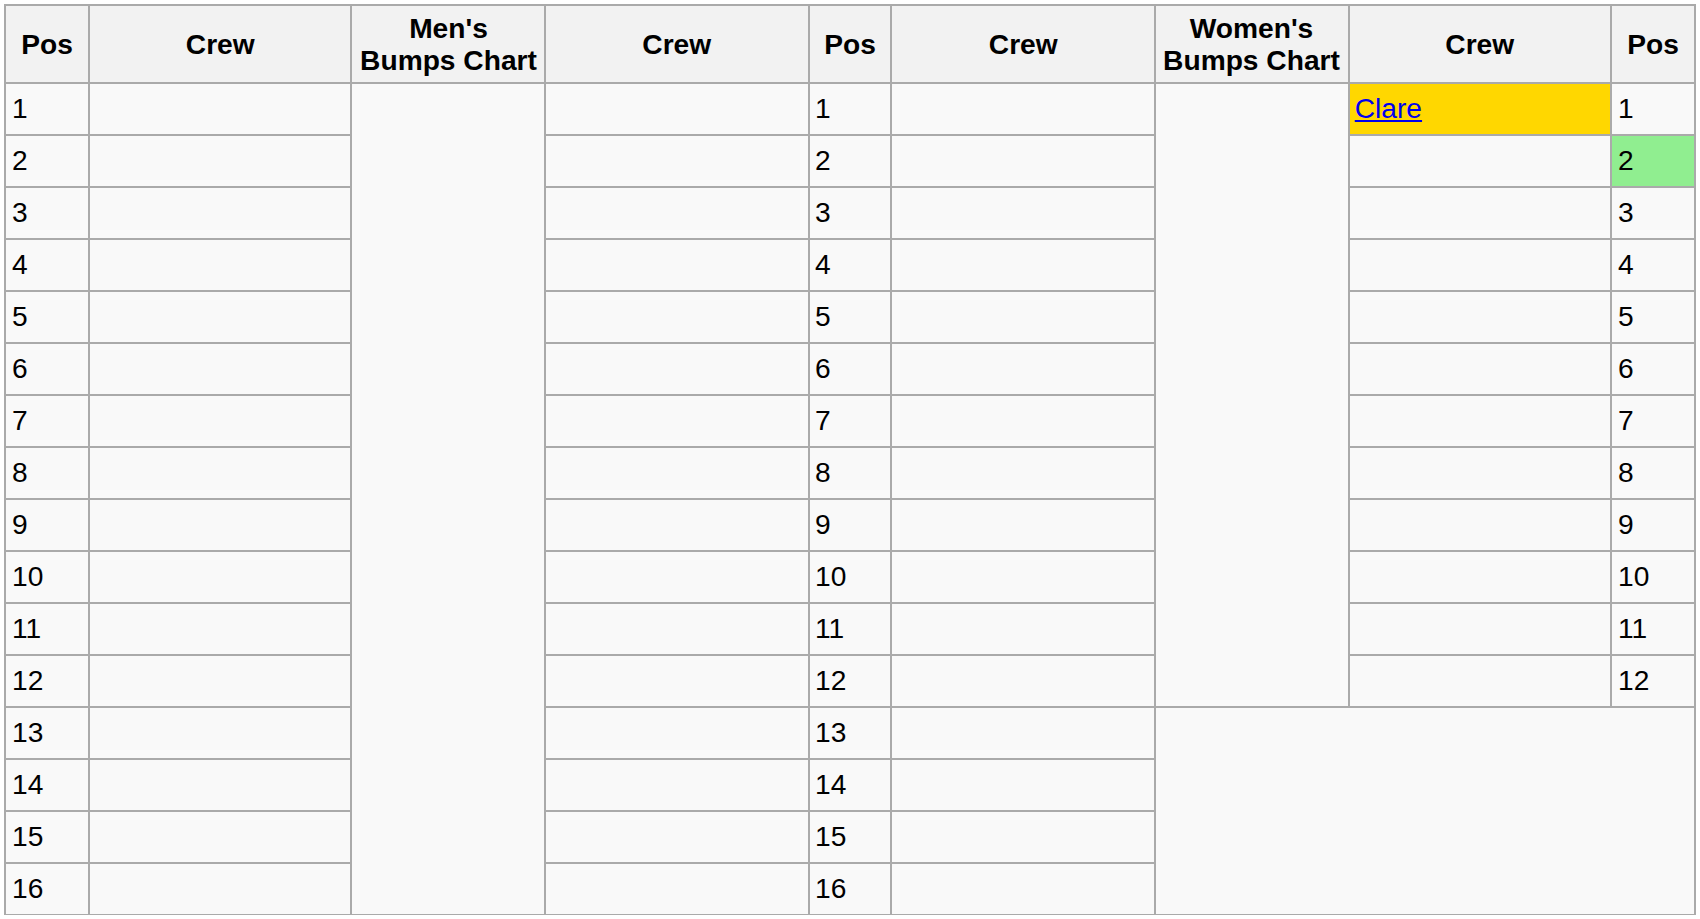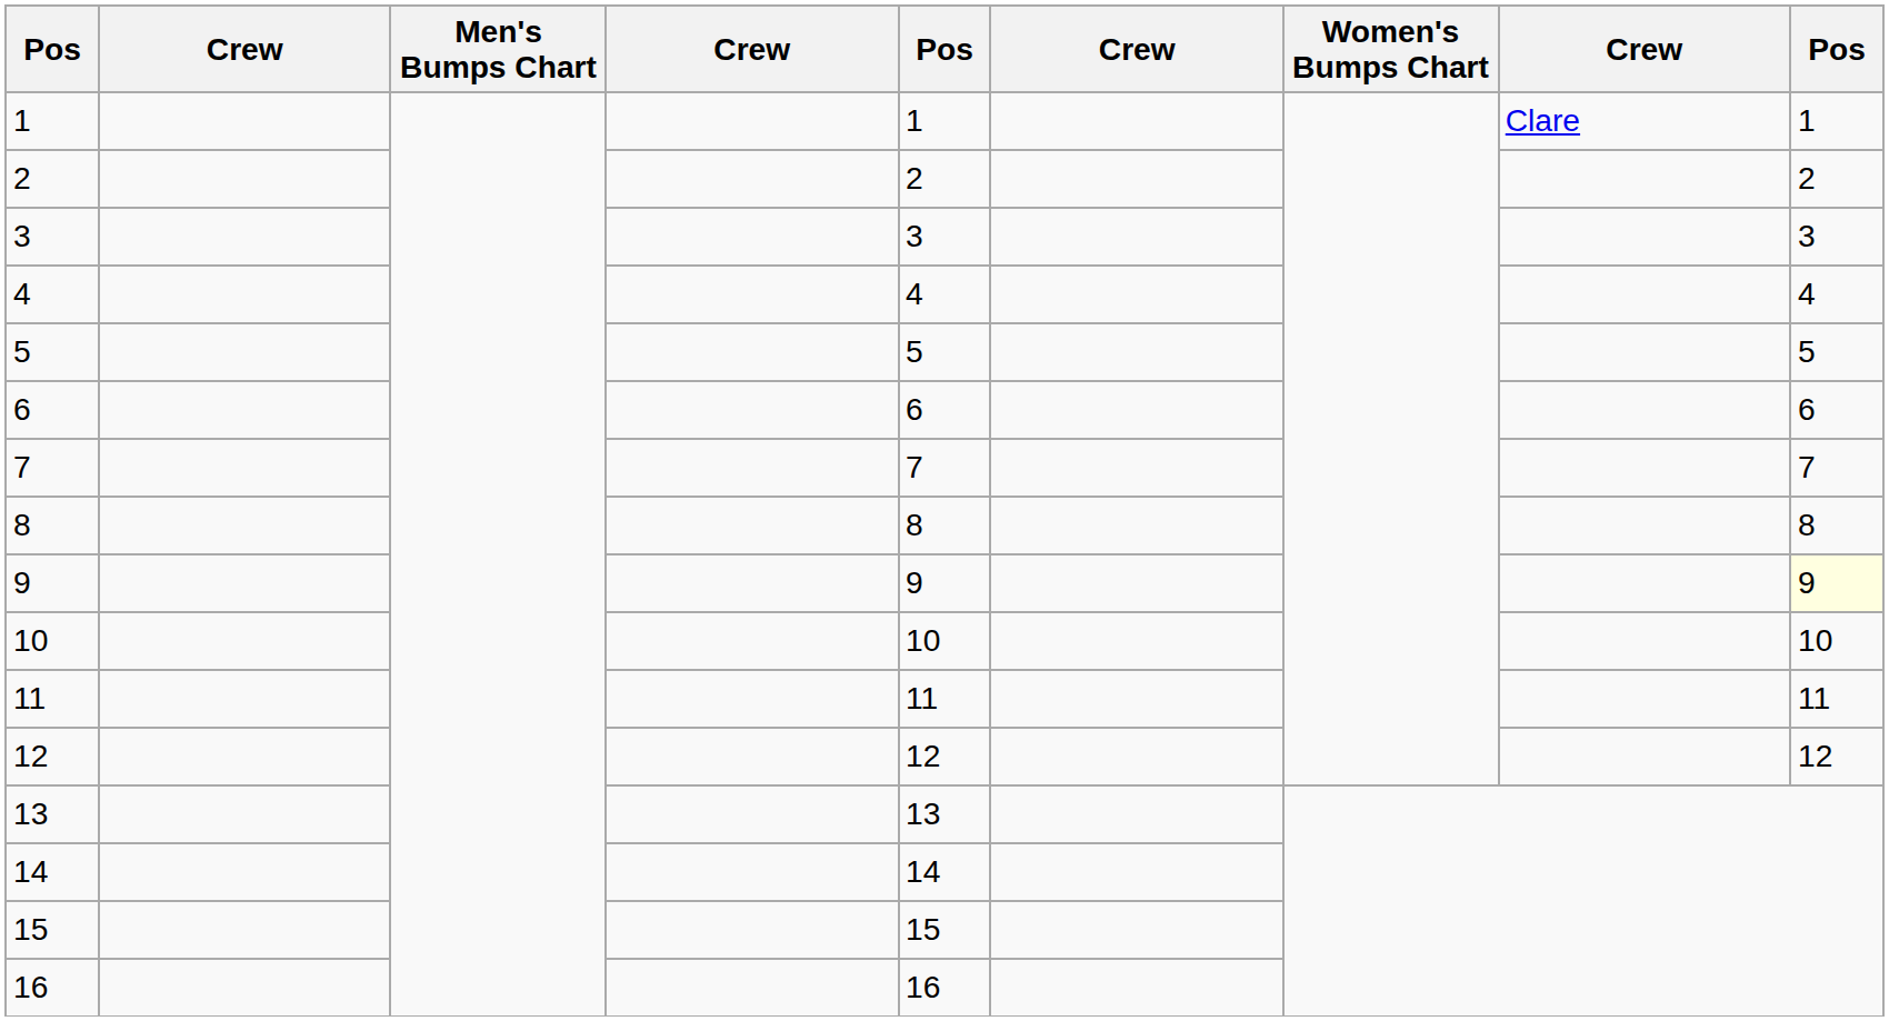 <table class="wikitable" style="font-size:88%; white-space:nowrap; margin:0.5em auto">
 <tr style="white-space:normal">
 <th width=35>Pos</th>
 <th width=125>Crew</th>
 <th width=90>Men's Bumps Chart</th>
 <th width=125>Crew</th>
 <th width=35>Pos</th>
 <th width=125>Crew</th>
 <th width=90>Women's Bumps Chart</th>
 <th width=125>Crew</th>
 <th width=35>Pos</th>
 </tr>
 <tr style="height:26px">
 <td>1</td>
 <td></td>
 <td rowspan="16"><br></td>
 <td></td>
 <td>1</td>
 <td></td>
 <td rowspan="12"><br></td>
-<td style="background: gold;"><a href='#'>Clare</a></td>
+<td><a href='#'>Clare</a></td>
 <td>1</td>
 </tr>
 <tr style="height:26px">
 <td>2</td>
 <td></td>
 <td></td>
 <td>2</td>
 <td></td>
 <td></td>
-<td style="background: lightgreen;">2</td>
+<td>2</td>
 </tr>
 <tr style="height:26px">
 <td>3</td>
 <td></td>
 <td></td>
 <td>3</td>
 <td></td>
 <td></td>
 <td>3</td>
 </tr>
 <tr style="height:26px">
 <td>4</td>
 <td></td>
 <td></td>
 <td>4</td>
 <td></td>
 <td></td>
 <td>4</td>
 </tr>
 <tr style="height:26px">
 <td>5</td>
 <td></td>
 <td></td>
 <td>5</td>
 <td></td>
 <td></td>
 <td>5</td>
 </tr>
 <tr style="height:26px">
 <td>6</td>
 <td></td>
 <td></td>
 <td>6</td>
 <td></td>
 <td></td>
 <td>6</td>
 </tr>
 <tr style="height:26px">
 <td>7</td>
 <td></td>
 <td></td>
 <td>7</td>
 <td></td>
 <td></td>
 <td>7</td>
 </tr>
 <tr style="height:26px">
 <td>8</td>
 <td></td>
 <td></td>
 <td>8</td>
 <td></td>
 <td></td>
 <td>8</td>
 </tr>
 <tr style="height:26px">
 <td>9</td>
 <td></td>
 <td></td>
 <td>9</td>
 <td></td>
 <td></td>
-<td>9</td>
+<td style="background: lightyellow;">9</td>
 </tr>
 <tr style="height:26px">
 <td>10</td>
 <td></td>
 <td></td>
 <td>10</td>
 <td></td>
 <td></td>
 <td>10</td>
 </tr>
 <tr style="height:26px">
 <td>11</td>
 <td></td>
 <td></td>
 <td>11</td>
 <td></td>
 <td></td>
 <td>11</td>
 </tr>
 <tr style="height:26px">
 <td>12</td>
 <td></td>
 <td></td>
 <td>12</td>
 <td></td>
 <td></td>
 <td>12</td>
 </tr>
 <tr style="height:26px">
 <td>13</td>
 <td></td>
 <td></td>
 <td>13</td>
 <td></td>
 </tr>
 <tr style="height:26px">
 <td>14</td>
 <td></td>
 <td></td>
 <td>14</td>
 <td></td>
 </tr>
 <tr style="height:26px">
 <td>15</td>
 <td></td>
 <td></td>
 <td>15</td>
 <td></td>
 </tr>
 <tr style="height:26px">
 <td>16</td>
 <td></td>
 <td></td>
 <td>16</td>
 <td></td>
 </tr>
 </table>
